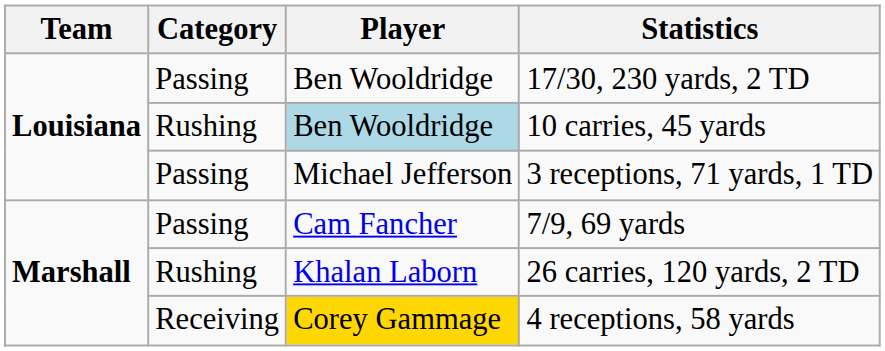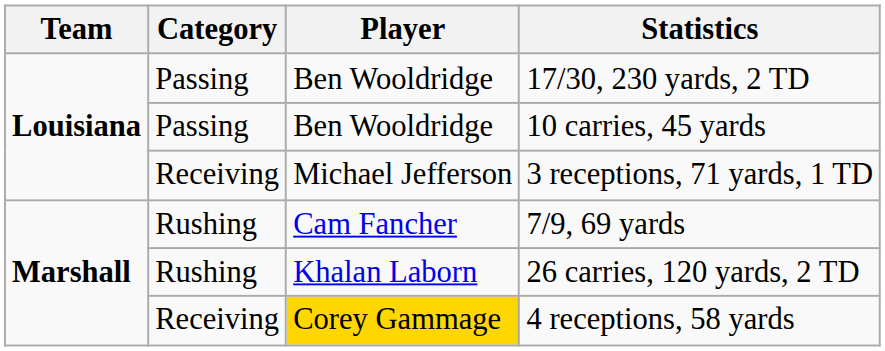 <table class="wikitable" style="float: left;">
 <tr>
 <th>Team</th>
 <th>Category</th>
 <th>Player</th>
 <th>Statistics</th>
 </tr>
 <tr>
 <td rowspan=3><strong>Louisiana</strong></td>
 <td>Passing</td>
 <td>Ben Wooldridge</td>
 <td>17/30, 230 yards, 2 TD</td>
 </tr>
 <tr>
-<td>Rushing</td>
-<td style="background: lightblue;">Ben Wooldridge</td>
+<td>Passing</td>
+<td>Ben Wooldridge</td>
 <td>10 carries, 45 yards</td>
 </tr>
 <tr>
-<td>Passing</td>
+<td>Receiving</td>
 <td>Michael Jefferson</td>
 <td>3 receptions, 71 yards, 1 TD</td>
 </tr>
 <tr>
 <td rowspan=3><strong>Marshall</strong></td>
-<td>Passing</td>
+<td>Rushing</td>
 <td><a href='#'>Cam Fancher</a></td>
 <td>7/9, 69 yards</td>
 </tr>
 <tr>
 <td>Rushing</td>
 <td><a href='#'>Khalan Laborn</a></td>
 <td>26 carries, 120 yards, 2 TD</td>
 </tr>
 <tr>
 <td>Receiving</td>
 <td style="background: gold;">Corey Gammage</td>
 <td>4 receptions, 58 yards</td>
 </tr>
 </table>
